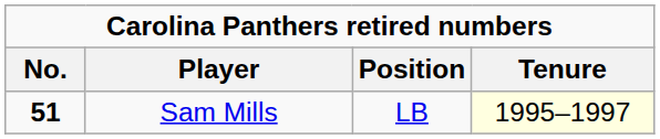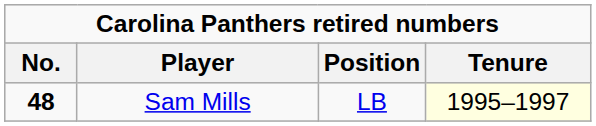 <table class="wikitable sortable" style="text-align:center">
 <tr>
 <td colspan="4"><strong>Carolina Panthers retired numbers</strong></td>
 </tr>
 <tr>
 <th style="width:40px; ">No.</th>
 <th style="width:150px; ">Player</th>
 <th style="width:40px; ">Position</th>
 <th style="width:100px; ">Tenure</th>
 </tr>
 <tr>
-<td><strong>51</strong></td>
+<td><strong>48</strong></td>
 <td><a href='#'>Sam Mills</a></td>
 <td><a href='#'>LB</a></td>
 <td style="background: lightyellow;">1995–1997</td>
 </tr>
 </table>
